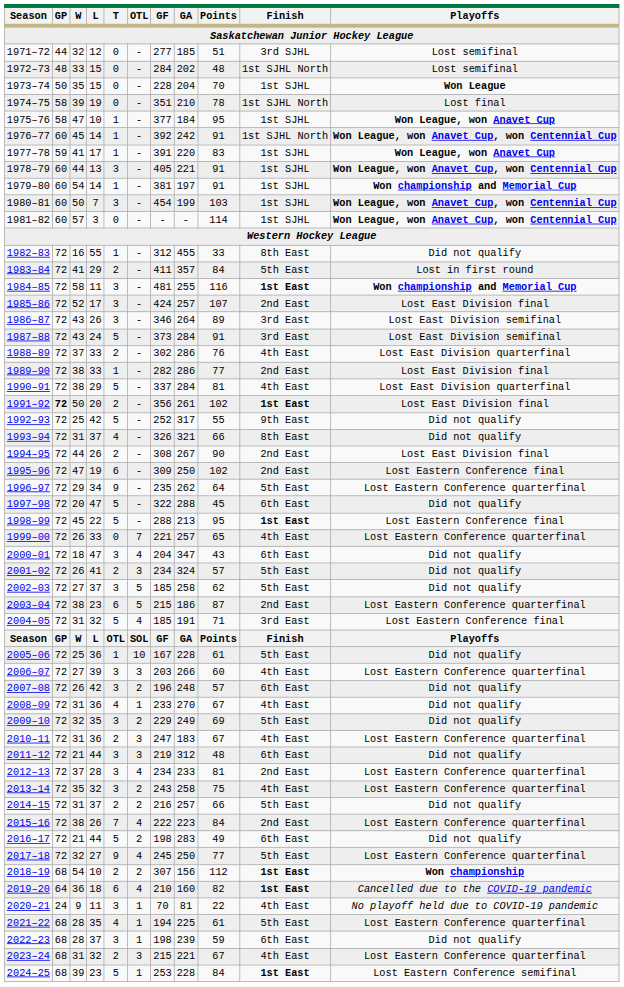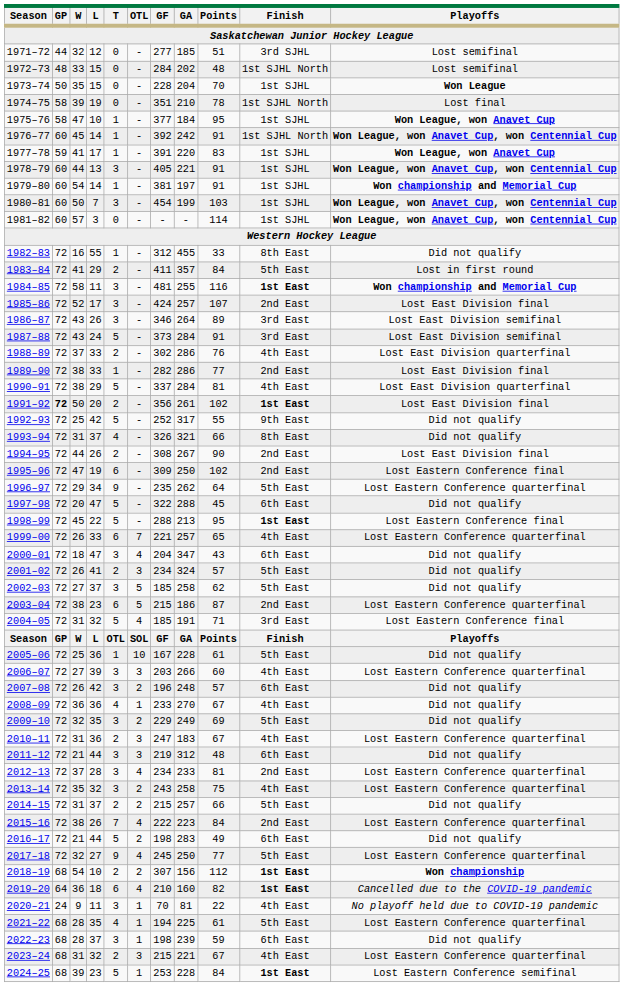 <table class="wikitable" style="text-align:center">
 <tr style="background:#dddddd; border-top:#007940 5px solid; border-bottom:#C5B785 5px solid;">
 <th>Season</th>
 <th>GP</th>
 <th>W</th>
 <th>L</th>
 <th>T</th>
 <th>OTL</th>
 <th>GF</th>
 <th>GA</th>
 <th>Points</th>
 <th>Finish</th>
 <th>Playoffs</th>
 </tr>
 <tr bgcolor="#eeeeee">
 <td colspan="11"><strong><em>Saskatchewan Junior Hockey League</em></strong></td>
 </tr>
 <tr>
 <td>1971–72</td>
 <td>44</td>
 <td>32</td>
 <td>12</td>
 <td>0</td>
 <td>-</td>
 <td>277</td>
 <td>185</td>
 <td>51</td>
 <td>3rd SJHL</td>
 <td>Lost semifinal</td>
 </tr>
 <tr bgcolor="#eeeeee">
 <td>1972–73</td>
 <td>48</td>
 <td>33</td>
 <td>15</td>
 <td>0</td>
 <td>-</td>
 <td>284</td>
 <td>202</td>
 <td>48</td>
 <td>1st SJHL North</td>
 <td>Lost semifinal</td>
 </tr>
 <tr>
 <td>1973–74</td>
 <td>50</td>
 <td>35</td>
 <td>15</td>
 <td>0</td>
 <td>-</td>
 <td>228</td>
 <td>204</td>
 <td>70</td>
 <td>1st SJHL</td>
 <td><strong>Won League</strong></td>
 </tr>
 <tr bgcolor="#eeeeee">
 <td>1974–75</td>
 <td>58</td>
 <td>39</td>
 <td>19</td>
 <td>0</td>
 <td>-</td>
 <td>351</td>
 <td>210</td>
 <td>78</td>
 <td>1st SJHL North</td>
 <td>Lost final</td>
 </tr>
 <tr>
 <td>1975–76</td>
 <td>58</td>
 <td>47</td>
 <td>10</td>
 <td>1</td>
 <td>-</td>
 <td>377</td>
 <td>184</td>
 <td>95</td>
 <td>1st SJHL</td>
 <td><strong>Won League, won <a href='#'>Anavet Cup</a></strong></td>
 </tr>
 <tr bgcolor="#eeeeee">
 <td>1976–77</td>
 <td>60</td>
 <td>45</td>
 <td>14</td>
 <td>1</td>
 <td>-</td>
 <td>392</td>
 <td>242</td>
 <td>91</td>
 <td>1st SJHL North</td>
 <td><strong>Won League, won <a href='#'>Anavet Cup</a>, won <a href='#'>Centennial Cup</a></strong></td>
 </tr>
 <tr>
 <td>1977–78</td>
 <td>59</td>
 <td>41</td>
 <td>17</td>
 <td>1</td>
 <td>-</td>
 <td>391</td>
 <td>220</td>
 <td>83</td>
 <td>1st SJHL</td>
 <td><strong>Won League, won <a href='#'>Anavet Cup</a></strong></td>
 </tr>
 <tr bgcolor="#eeeeee">
 <td>1978–79</td>
 <td>60</td>
 <td>44</td>
 <td>13</td>
 <td>3</td>
 <td>-</td>
 <td>405</td>
 <td>221</td>
 <td>91</td>
 <td>1st SJHL</td>
 <td><strong>Won League, won <a href='#'>Anavet Cup</a>, won <a href='#'>Centennial Cup</a></strong></td>
 </tr>
 <tr>
 <td>1979–80</td>
 <td>60</td>
 <td>54</td>
 <td>14</td>
 <td>1</td>
 <td>-</td>
 <td>381</td>
 <td>197</td>
 <td>91</td>
 <td>1st SJHL</td>
 <td><strong>Won <a href='#'>championship</a> and <a href='#'>Memorial Cup</a></strong></td>
 </tr>
 <tr bgcolor="#eeeeee">
 <td>1980–81</td>
 <td>60</td>
 <td>50</td>
 <td>7</td>
 <td>3</td>
 <td>-</td>
 <td>454</td>
 <td>199</td>
 <td>103</td>
 <td>1st SJHL</td>
 <td><strong>Won League, won <a href='#'>Anavet Cup</a>, won <a href='#'>Centennial Cup</a></strong></td>
 </tr>
 <tr>
 <td>1981–82</td>
 <td>60</td>
 <td>57</td>
 <td>3</td>
 <td>0</td>
 <td>-</td>
 <td>-</td>
 <td>-</td>
 <td>114</td>
 <td>1st SJHL</td>
 <td><strong>Won League, won <a href='#'>Anavet Cup</a>, won <a href='#'>Centennial Cup</a></strong></td>
 </tr>
 <tr bgcolor="#eeeeee">
 <td colspan="11"><strong><em>Western Hockey League</em></strong></td>
 </tr>
 <tr>
 <td><a href='#'>1982–83</a></td>
 <td>72</td>
 <td>16</td>
 <td>55</td>
 <td>1</td>
 <td>-</td>
 <td>312</td>
 <td>455</td>
 <td>33</td>
 <td>8th East</td>
 <td>Did not qualify</td>
 </tr>
 <tr bgcolor="#eeeeee">
 <td><a href='#'>1983–84</a></td>
 <td>72</td>
 <td>41</td>
 <td>29</td>
 <td>2</td>
 <td>-</td>
 <td>411</td>
 <td>357</td>
 <td>84</td>
 <td>5th East</td>
 <td>Lost in first round</td>
 </tr>
 <tr>
 <td><a href='#'>1984–85</a></td>
 <td>72</td>
 <td>58</td>
 <td>11</td>
 <td>3</td>
 <td>-</td>
 <td>481</td>
 <td>255</td>
 <td>116</td>
 <td><strong>1st East</strong></td>
 <td><strong>Won <a href='#'>championship</a> and <a href='#'>Memorial Cup</a></strong></td>
 </tr>
 <tr bgcolor="#eeeeee">
 <td><a href='#'>1985–86</a></td>
 <td>72</td>
 <td>52</td>
 <td>17</td>
 <td>3</td>
 <td>-</td>
 <td>424</td>
 <td>257</td>
 <td>107</td>
 <td>2nd East</td>
 <td>Lost East Division final</td>
 </tr>
 <tr>
 <td><a href='#'>1986–87</a></td>
 <td>72</td>
 <td>43</td>
 <td>26</td>
 <td>3</td>
 <td>-</td>
 <td>346</td>
 <td>264</td>
 <td>89</td>
 <td>3rd East</td>
 <td>Lost East Division semifinal</td>
 </tr>
 <tr bgcolor="#eeeeee">
 <td><a href='#'>1987–88</a></td>
 <td>72</td>
 <td>43</td>
 <td>24</td>
 <td>5</td>
 <td>-</td>
 <td>373</td>
 <td>284</td>
 <td>91</td>
 <td>3rd East</td>
 <td>Lost East Division semifinal</td>
 </tr>
 <tr>
 <td><a href='#'>1988–89</a></td>
 <td>72</td>
 <td>37</td>
 <td>33</td>
 <td>2</td>
 <td>-</td>
 <td>302</td>
 <td>286</td>
 <td>76</td>
 <td>4th East</td>
 <td>Lost East Division quarterfinal</td>
 </tr>
 <tr bgcolor="#eeeeee">
 <td><a href='#'>1989–90</a></td>
 <td>72</td>
 <td>38</td>
 <td>33</td>
 <td>1</td>
 <td>-</td>
 <td>282</td>
 <td>286</td>
 <td>77</td>
 <td>2nd East</td>
 <td>Lost East Division final</td>
 </tr>
 <tr>
 <td><a href='#'>1990–91</a></td>
 <td>72</td>
 <td>38</td>
 <td>29</td>
 <td>5</td>
 <td>-</td>
 <td>337</td>
 <td>284</td>
 <td>81</td>
 <td>4th East</td>
 <td>Lost East Division quarterfinal</td>
 </tr>
 <tr bgcolor="#eeeeee">
 <td><a href='#'>1991–92</a></td>
 <td><strong>72</strong></td>
 <td>50</td>
 <td>20</td>
 <td>2</td>
 <td>-</td>
 <td>356</td>
 <td>261</td>
 <td>102</td>
 <td><strong>1st East</strong></td>
 <td>Lost East Division final</td>
 </tr>
 <tr>
 <td><a href='#'>1992–93</a></td>
 <td>72</td>
 <td>25</td>
 <td>42</td>
 <td>5</td>
 <td>-</td>
 <td>252</td>
 <td>317</td>
 <td>55</td>
 <td>9th East</td>
 <td>Did not qualify</td>
 </tr>
 <tr bgcolor="#eeeeee">
 <td><a href='#'>1993–94</a></td>
 <td>72</td>
 <td>31</td>
 <td>37</td>
 <td>4</td>
 <td>-</td>
 <td>326</td>
 <td>321</td>
 <td>66</td>
 <td>8th East</td>
 <td>Did not qualify</td>
 </tr>
 <tr>
 <td><a href='#'>1994–95</a></td>
 <td>72</td>
 <td>44</td>
 <td>26</td>
 <td>2</td>
 <td>-</td>
 <td>308</td>
 <td>267</td>
 <td>90</td>
 <td>2nd East</td>
 <td>Lost East Division final</td>
 </tr>
 <tr bgcolor="#eeeeee">
 <td><a href='#'>1995–96</a></td>
 <td>72</td>
 <td>47</td>
 <td>19</td>
 <td>6</td>
 <td>-</td>
 <td>309</td>
 <td>250</td>
 <td>102</td>
 <td>2nd East</td>
 <td>Lost Eastern Conference final</td>
 </tr>
 <tr>
 <td><a href='#'>1996–97</a></td>
 <td>72</td>
 <td>29</td>
 <td>34</td>
 <td>9</td>
 <td>-</td>
 <td>235</td>
 <td>262</td>
 <td>64</td>
 <td>5th East</td>
 <td>Lost Eastern Conference quarterfinal</td>
 </tr>
 <tr bgcolor="#eeeeee">
 <td><a href='#'>1997–98</a></td>
 <td>72</td>
 <td>20</td>
 <td>47</td>
 <td>5</td>
 <td>-</td>
 <td>322</td>
 <td>288</td>
 <td>45</td>
 <td>6th East</td>
 <td>Did not qualify</td>
 </tr>
 <tr>
 <td><a href='#'>1998–99</a></td>
 <td>72</td>
 <td>45</td>
 <td>22</td>
 <td>5</td>
 <td>-</td>
 <td>288</td>
 <td>213</td>
 <td>95</td>
 <td><strong>1st East</strong></td>
 <td>Lost Eastern Conference final</td>
 </tr>
 <tr bgcolor="#eeeeee">
 <td><a href='#'>1999–00</a></td>
 <td>72</td>
 <td>26</td>
 <td>33</td>
-<td>0</td>
+<td>6</td>
 <td>7</td>
 <td>221</td>
 <td>257</td>
 <td>65</td>
 <td>4th East</td>
 <td>Lost Eastern Conference quarterfinal</td>
 </tr>
 <tr>
 <td><a href='#'>2000–01</a></td>
 <td>72</td>
 <td>18</td>
 <td>47</td>
 <td>3</td>
 <td>4</td>
 <td>204</td>
 <td>347</td>
 <td>43</td>
 <td>6th East</td>
 <td>Did not qualify</td>
 </tr>
 <tr bgcolor="#eeeeee">
 <td><a href='#'>2001–02</a></td>
 <td>72</td>
 <td>26</td>
 <td>41</td>
 <td>2</td>
 <td>3</td>
 <td>234</td>
 <td>324</td>
 <td>57</td>
 <td>5th East</td>
 <td>Did not qualify</td>
 </tr>
 <tr>
 <td><a href='#'>2002–03</a></td>
 <td>72</td>
 <td>27</td>
 <td>37</td>
 <td>3</td>
 <td>5</td>
 <td>185</td>
 <td>258</td>
 <td>62</td>
 <td>5th East</td>
 <td>Did not qualify</td>
 </tr>
 <tr bgcolor="#eeeeee">
 <td><a href='#'>2003–04</a></td>
 <td>72</td>
 <td>38</td>
 <td>23</td>
 <td>6</td>
 <td>5</td>
 <td>215</td>
 <td>186</td>
 <td>87</td>
 <td>2nd East</td>
 <td>Lost Eastern Conference quarterfinal</td>
 </tr>
 <tr>
 <td><a href='#'>2004–05</a></td>
 <td>72</td>
 <td>31</td>
 <td>32</td>
 <td>5</td>
 <td>4</td>
 <td>185</td>
 <td>191</td>
 <td>71</td>
 <td>3rd East</td>
 <td>Lost Eastern Conference final</td>
 </tr>
 <tr>
 <th>Season</th>
 <th>GP</th>
 <th>W</th>
 <th>L</th>
 <th>OTL</th>
 <th>SOL</th>
 <th>GF</th>
 <th>GA</th>
 <th>Points</th>
 <th>Finish</th>
 <th>Playoffs</th>
 </tr>
 <tr bgcolor="#eeeeee">
 <td><a href='#'>2005–06</a></td>
 <td>72</td>
 <td>25</td>
 <td>36</td>
 <td>1</td>
 <td>10</td>
 <td>167</td>
 <td>228</td>
 <td>61</td>
 <td>5th East</td>
 <td>Did not qualify</td>
 </tr>
 <tr>
 <td><a href='#'>2006–07</a></td>
 <td>72</td>
 <td>27</td>
 <td>39</td>
 <td>3</td>
 <td>3</td>
 <td>203</td>
 <td>266</td>
 <td>60</td>
 <td>4th East</td>
 <td>Lost Eastern Conference quarterfinal</td>
 </tr>
 <tr bgcolor="#eeeeee">
 <td><a href='#'>2007–08</a></td>
 <td>72</td>
 <td>26</td>
 <td>42</td>
 <td>3</td>
 <td>2</td>
 <td>196</td>
 <td>248</td>
 <td>57</td>
 <td>6th East</td>
 <td>Did not qualify</td>
 </tr>
 <tr>
 <td><a href='#'>2008–09</a></td>
 <td>72</td>
-<td>31</td>
+<td>36</td>
 <td>36</td>
 <td>4</td>
 <td>1</td>
 <td>233</td>
 <td>270</td>
 <td>67</td>
 <td>4th East</td>
 <td>Did not qualify</td>
 </tr>
 <tr bgcolor="#eeeeee">
 <td><a href='#'>2009–10</a></td>
 <td>72</td>
 <td>32</td>
 <td>35</td>
 <td>3</td>
 <td>2</td>
 <td>229</td>
 <td>249</td>
 <td>69</td>
 <td>5th East</td>
 <td>Did not qualify</td>
 </tr>
 <tr>
 <td><a href='#'>2010–11</a></td>
 <td>72</td>
 <td>31</td>
 <td>36</td>
 <td>2</td>
 <td>3</td>
 <td>247</td>
 <td>183</td>
 <td>67</td>
 <td>4th East</td>
 <td>Lost Eastern Conference quarterfinal</td>
 </tr>
 <tr bgcolor="#eeeeee">
 <td><a href='#'>2011–12</a></td>
 <td>72</td>
 <td>21</td>
 <td>44</td>
 <td>3</td>
 <td>3</td>
 <td>219</td>
 <td>312</td>
 <td>48</td>
 <td>6th East</td>
 <td>Did not qualify</td>
 </tr>
 <tr>
 <td><a href='#'>2012–13</a></td>
 <td>72</td>
 <td>37</td>
 <td>28</td>
 <td>3</td>
 <td>4</td>
 <td>234</td>
 <td>233</td>
 <td>81</td>
 <td>2nd East</td>
 <td>Lost Eastern Conference quarterfinal</td>
 </tr>
 <tr bgcolor="#eeeeee">
 <td><a href='#'>2013–14</a></td>
 <td>72</td>
 <td>35</td>
 <td>32</td>
 <td>3</td>
 <td>2</td>
 <td>243</td>
 <td>258</td>
 <td>75</td>
 <td>4th East</td>
 <td>Lost Eastern Conference quarterfinal</td>
 </tr>
 <tr>
 <td><a href='#'>2014–15</a></td>
 <td>72</td>
 <td>31</td>
 <td>37</td>
 <td>2</td>
 <td>2</td>
-<td>216</td>
+<td>215</td>
 <td>257</td>
 <td>66</td>
 <td>5th East</td>
 <td>Did not qualify</td>
 </tr>
 <tr bgcolor="#eeeeee">
 <td><a href='#'>2015–16</a></td>
 <td>72</td>
 <td>38</td>
 <td>26</td>
 <td>7</td>
 <td>4</td>
 <td>222</td>
 <td>223</td>
 <td>84</td>
 <td>2nd East</td>
 <td>Lost Eastern Conference quarterfinal</td>
 </tr>
 <tr>
 <td><a href='#'>2016–17</a></td>
 <td>72</td>
 <td>21</td>
 <td>44</td>
 <td>5</td>
 <td>2</td>
 <td>198</td>
 <td>283</td>
 <td>49</td>
 <td>6th East</td>
 <td>Did not qualify</td>
 </tr>
 <tr bgcolor="#eeeeee">
 <td><a href='#'>2017–18</a></td>
 <td>72</td>
 <td>32</td>
 <td>27</td>
 <td>9</td>
 <td>4</td>
 <td>245</td>
 <td>250</td>
 <td>77</td>
 <td>5th East</td>
 <td>Lost Eastern Conference quarterfinal</td>
 </tr>
 <tr bgcolor=>
 <td><a href='#'>2018–19</a></td>
 <td>68</td>
 <td>54</td>
 <td>10</td>
 <td>2</td>
 <td>2</td>
 <td>307</td>
 <td>156</td>
 <td>112</td>
 <td><strong>1st East</strong></td>
 <td><strong>Won <a href='#'>championship</a></strong></td>
 </tr>
 <tr bgcolor="#eeeeee">
 <td><a href='#'>2019–20</a></td>
 <td>64</td>
 <td>36</td>
 <td>18</td>
 <td>6</td>
 <td>4</td>
 <td>210</td>
 <td>160</td>
 <td>82</td>
 <td><strong>1st East</strong></td>
 <td><em>Cancelled due to the <a href='#'>COVID-19 pandemic</a></em></td>
 </tr>
 <tr>
 <td><a href='#'>2020–21</a></td>
 <td>24</td>
 <td>9</td>
 <td>11</td>
 <td>3</td>
 <td>1</td>
 <td>70</td>
 <td>81</td>
 <td>22</td>
 <td>4th East</td>
 <td><em>No playoff held due to COVID-19 pandemic</em></td>
 </tr>
 <tr bgcolor="#eeeeee">
 <td><a href='#'>2021–22</a></td>
 <td>68</td>
 <td>28</td>
 <td>35</td>
 <td>4</td>
 <td>1</td>
 <td>194</td>
 <td>225</td>
 <td>61</td>
 <td>5th East</td>
 <td>Lost Eastern Conference quarterfinal</td>
 </tr>
 <tr>
 <td><a href='#'>2022–23</a></td>
 <td>68</td>
 <td>28</td>
 <td>37</td>
 <td>3</td>
 <td>1</td>
 <td>198</td>
 <td>239</td>
 <td>59</td>
 <td>6th East</td>
 <td>Did not qualify</td>
 </tr>
 <tr bgcolor="#eeeeee">
 <td><a href='#'>2023–24</a></td>
 <td>68</td>
 <td>31</td>
 <td>32</td>
 <td>2</td>
 <td>3</td>
 <td>215</td>
 <td>221</td>
 <td>67</td>
 <td>4th East</td>
 <td>Lost Eastern Conference quarterfinal</td>
 </tr>
 <tr>
 <td><a href='#'>2024–25</a></td>
 <td>68</td>
 <td>39</td>
 <td>23</td>
 <td>5</td>
 <td>1</td>
 <td>253</td>
 <td>228</td>
 <td>84</td>
 <td><strong>1st East</strong></td>
 <td>Lost Eastern Conference semifinal</td>
 </tr>
 </table>
